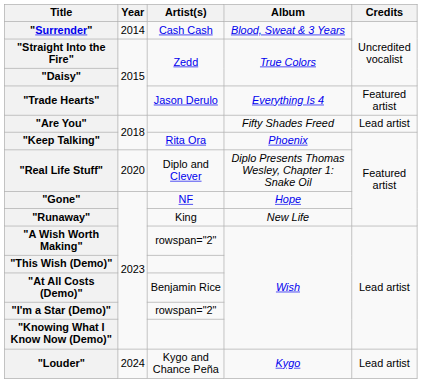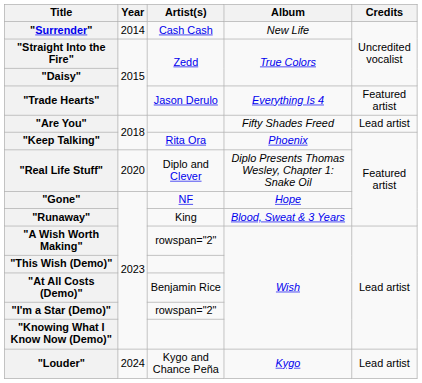 <table class="wikitable plainrowheaders" style="text-align:center;">
 <tr>
 <th scope="col" style="width:160px;">Title</th>
 <th scope="col">Year</th>
 <th scope="col">Artist(s)</th>
 <th scope="col" style="width:180px;">Album</th>
 <th scope="col">Credits</th>
 </tr>
 <tr>
 <th scope="row">"<a href='#'>Surrender</a>"</th>
 <td>2014</td>
 <td><a href='#'>Cash Cash</a></td>
-<td><em><a href='#'>Blood, Sweat & 3 Years</a></em></td>
+<td><em>New Life</em></td>
 <td rowspan="3">Uncredited vocalist</td>
 </tr>
 <tr>
 <th scope="row">"Straight Into the Fire"</th>
 <td rowspan="3">2015</td>
 <td rowspan="2"><a href='#'>Zedd</a></td>
 <td rowspan="2"><em><a href='#'>True Colors</a></em></td>
 </tr>
 <tr>
 <th scope="row">"Daisy"</th>
 </tr>
 <tr>
 <th scope="row">"Trade Hearts"</th>
 <td><a href='#'>Jason Derulo</a></td>
 <td><em><a href='#'>Everything Is 4</a></em></td>
 <td>Featured artist</td>
 </tr>
 <tr>
 <th scope="row">"Are You"</th>
 <td rowspan="2">2018</td>
 <td></td>
 <td><em>Fifty Shades Freed</em></td>
 <td>Lead artist</td>
 </tr>
 <tr>
 <th scope="row">"Keep Talking"</th>
 <td><a href='#'>Rita Ora</a></td>
 <td><em><a href='#'>Phoenix</a></em></td>
 <td rowspan="4">Featured artist</td>
 </tr>
 <tr>
 <th scope="row">"Real Life Stuff"</th>
 <td>2020</td>
 <td>Diplo and <a href='#'>Clever</a></td>
 <td><em>Diplo Presents Thomas Wesley, Chapter 1: Snake Oil</em></td>
 </tr>
 <tr>
 <th scope="row">"Gone"</th>
 <td rowspan="7">2023</td>
 <td><a href='#'>NF</a></td>
 <td><em><a href='#'>Hope</a></em></td>
 </tr>
 <tr>
 <th scope="row">"Runaway"</th>
 <td>King</td>
-<td><em>New Life</em></td>
+<td><em><a href='#'>Blood, Sweat & 3 Years</a></em></td>
 </tr>
 <tr>
 <th scope="row">"A Wish Worth Making"</th>
 <td>rowspan="2" </td>
 <td rowspan="5"><em><a href='#'>Wish</a></em></td>
 <td rowspan="5">Lead artist</td>
 </tr>
 <tr>
 <th scope="row">"This Wish (Demo)"</th>
 </tr>
 <tr>
 <th scope="row">"At All Costs (Demo)"</th>
 <td>Benjamin Rice</td>
 </tr>
 <tr>
 <th scope="row">"I'm a Star (Demo)"</th>
 <td>rowspan="2" </td>
 </tr>
 <tr>
 <th scope="row">"Knowing What I Know Now (Demo)"</th>
 </tr>
 <tr>
 <th scope="row">"Louder"</th>
 <td>2024</td>
 <td>Kygo and Chance Peña</td>
 <td><em><a href='#'>Kygo</a></em></td>
 <td>Lead artist</td>
 </tr>
 </table>
